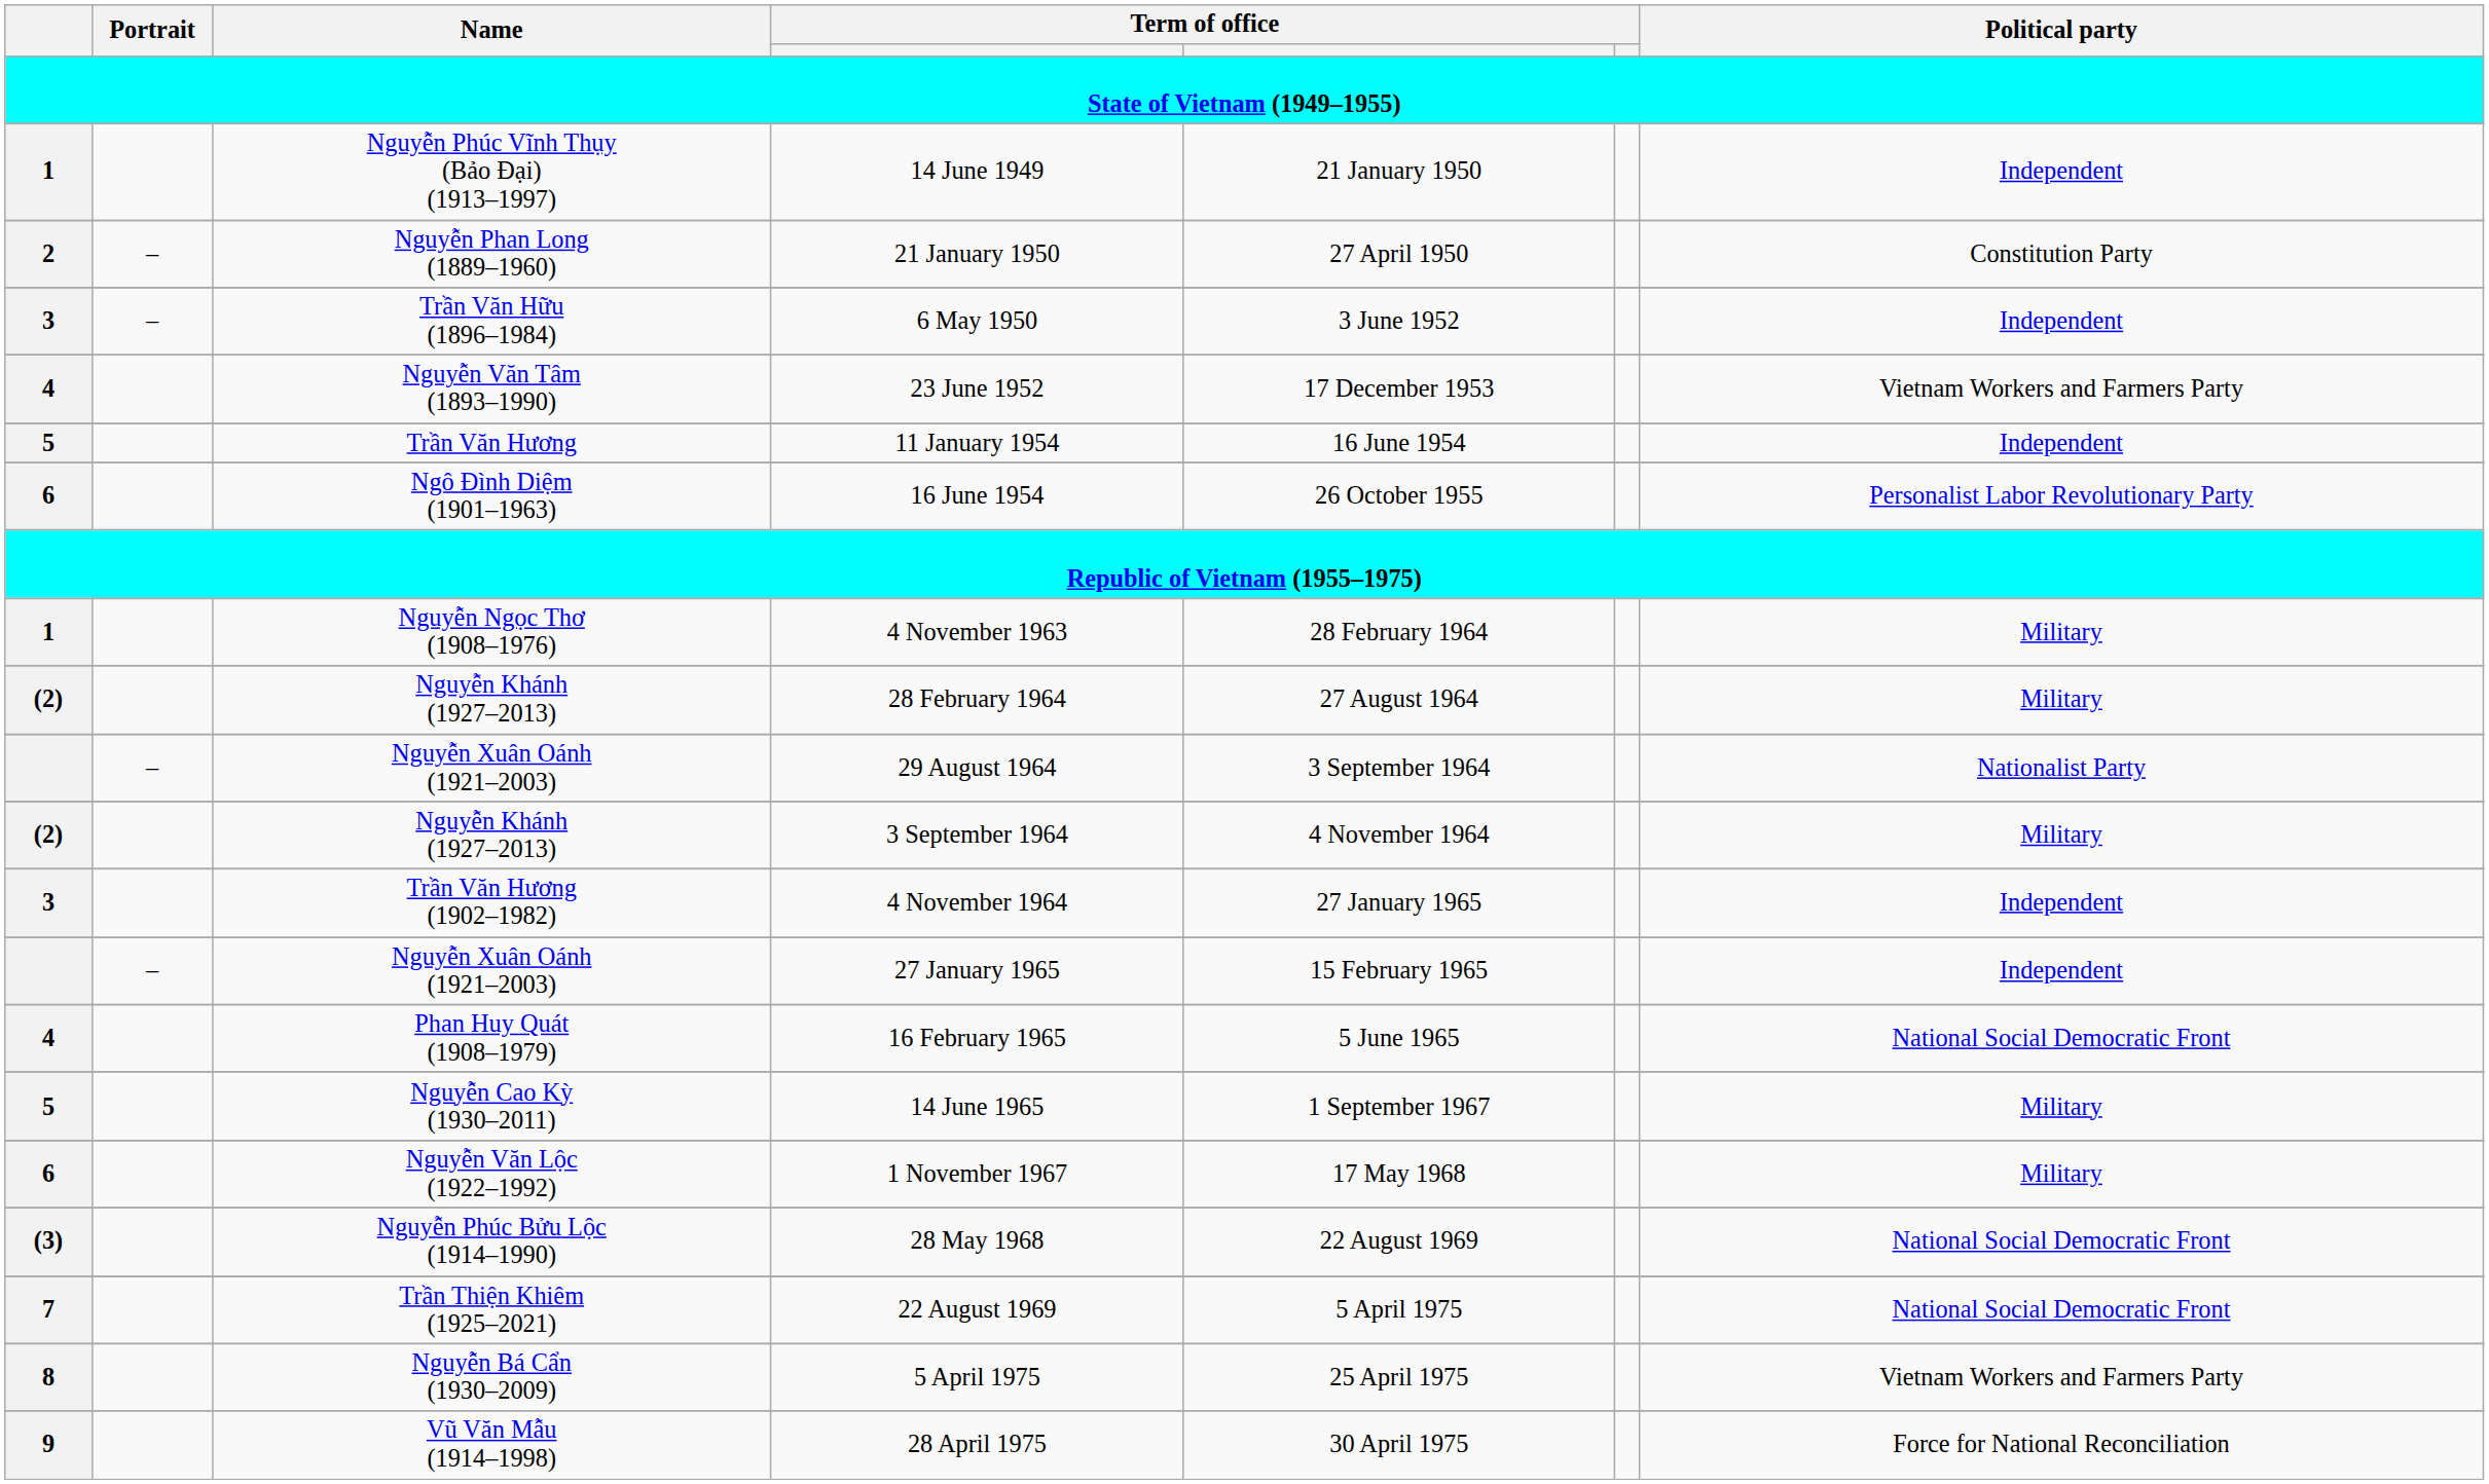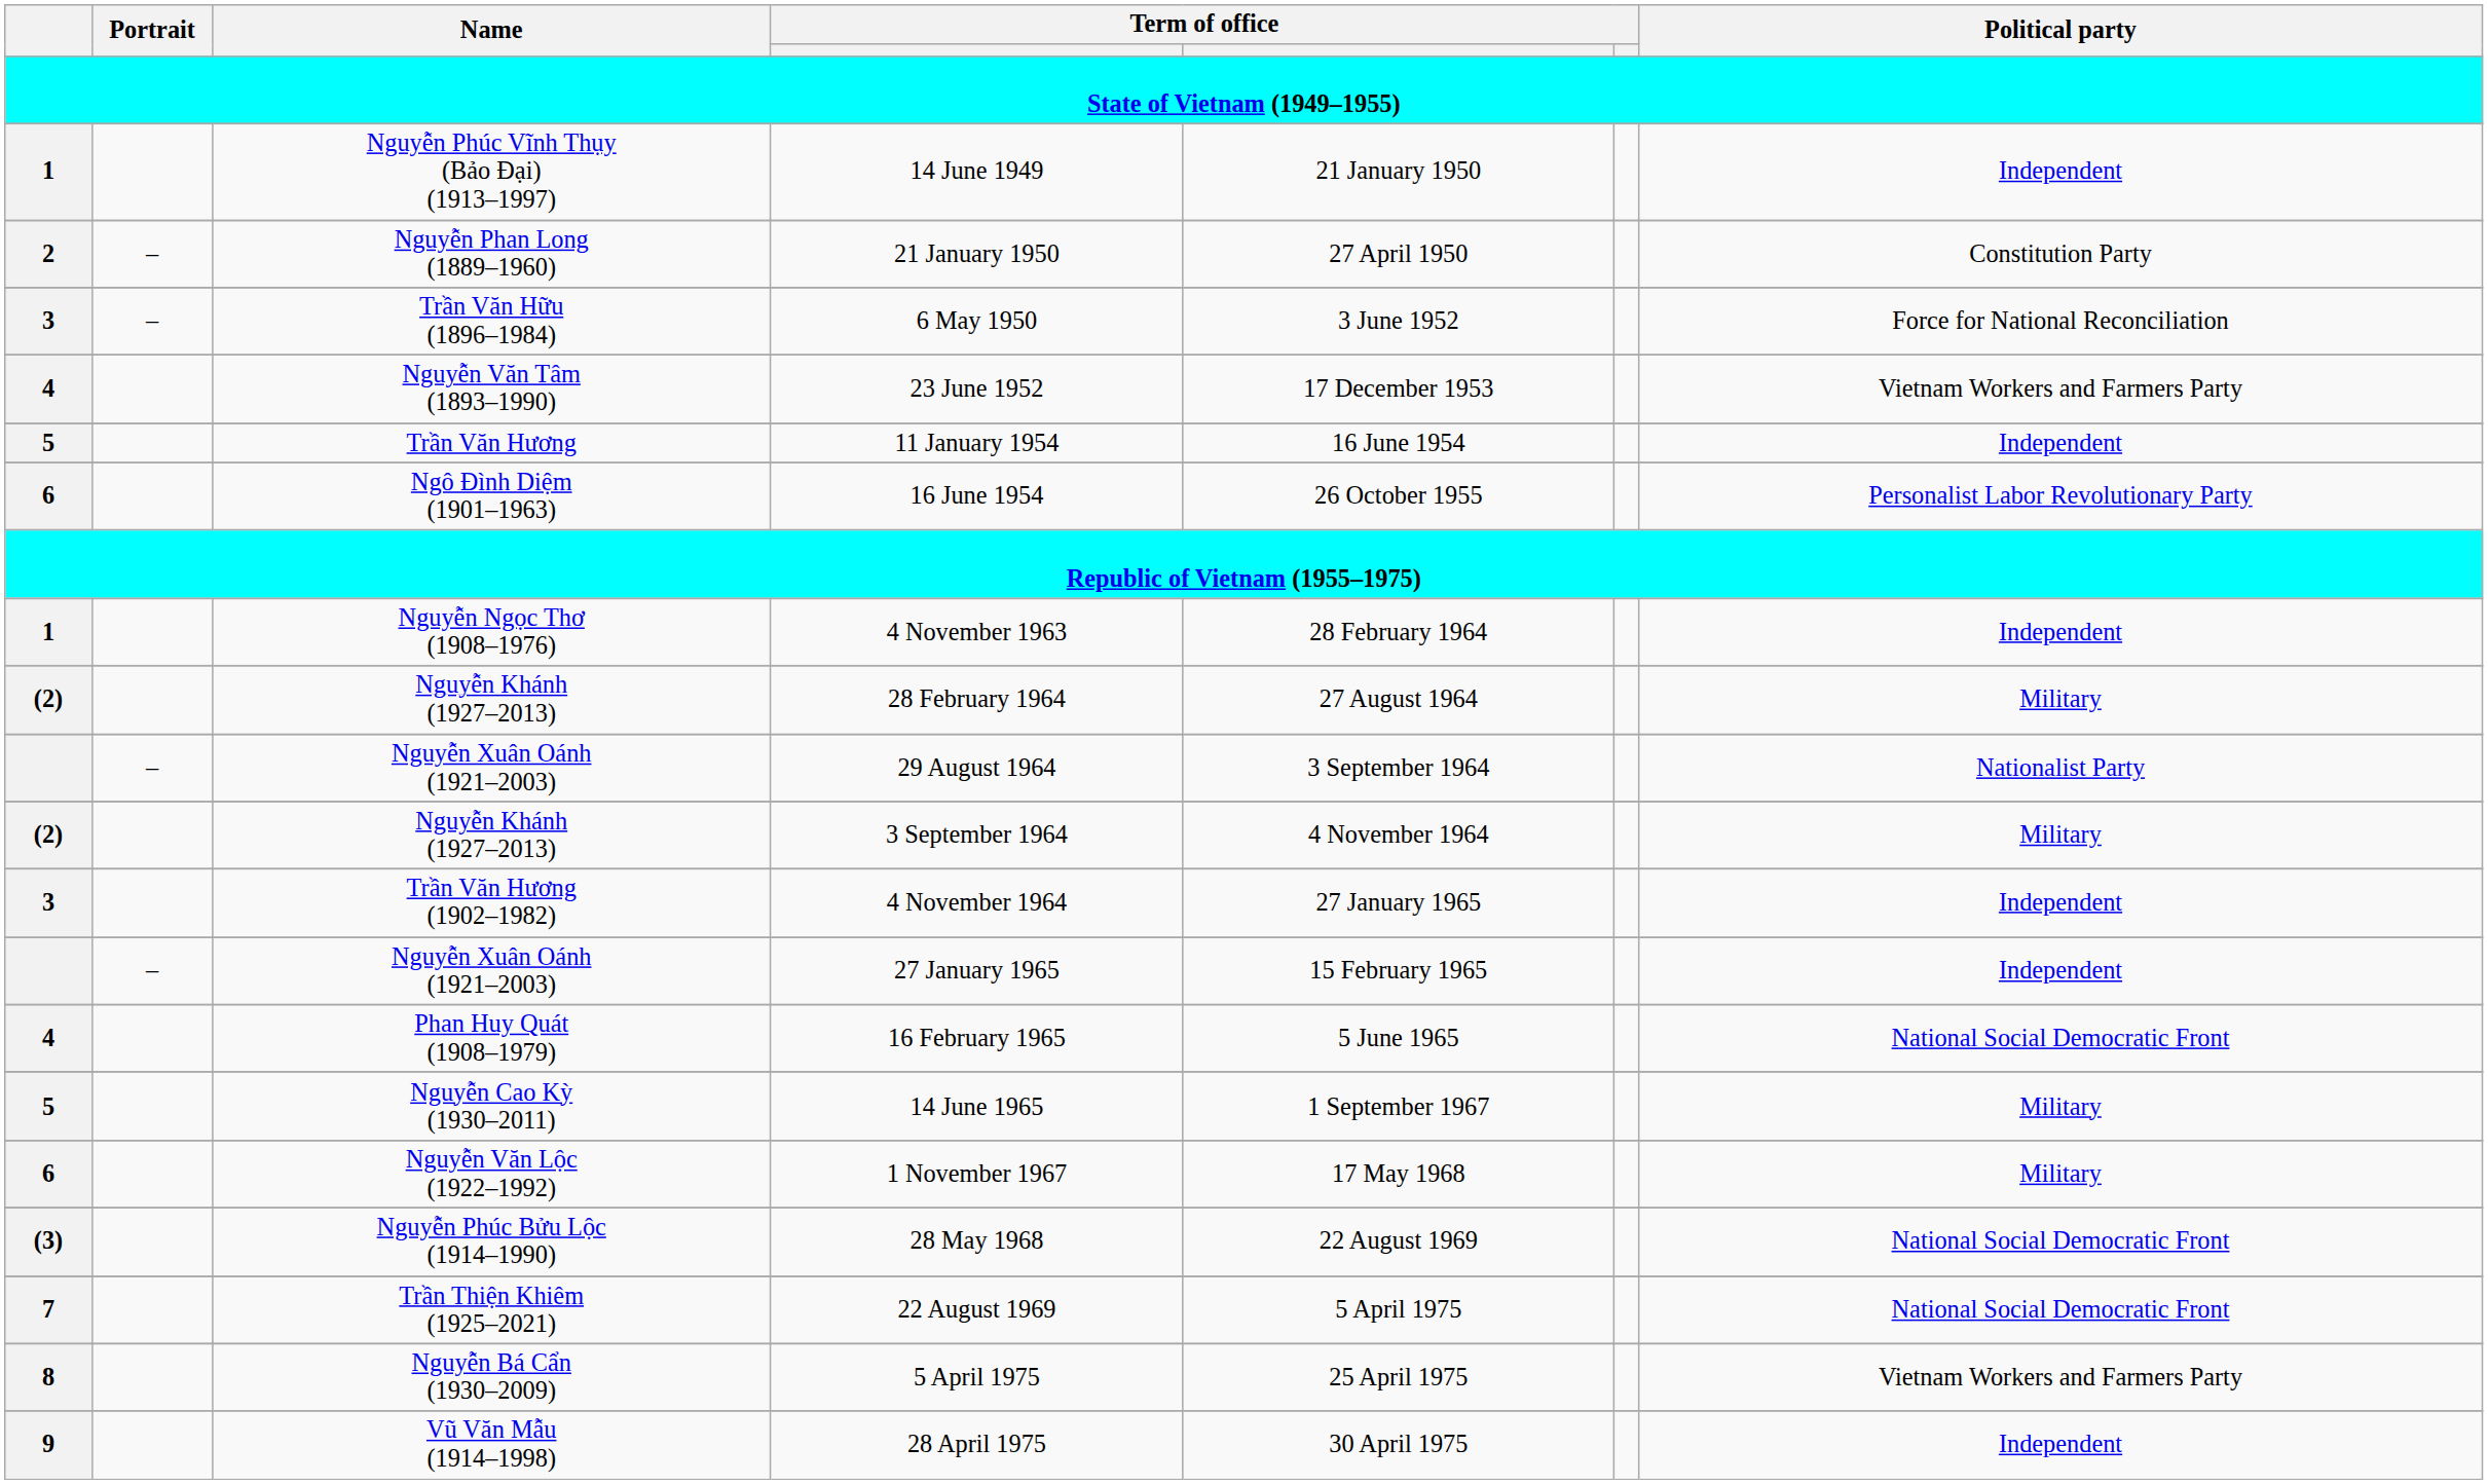 <table class="wikitable" style="text-align:center; border:1px #aaf solid; width:80%;">
 <tr>
 <th rowspan="2"></th>
 <th rowspan="2" style="width:70px;">Portrait</th>
 <th rowspan="2">Name<br></th>
 <th colspan="3">Term of office</th>
 <th rowspan="2">Political party</th>
 </tr>
 <tr>
 <th></th>
 <th></th>
 <th></th>
 </tr>
 <tr style="background:cyan;">
 <td colspan="7" style="text-align: center;"><strong> <br><a href='#'>State of Vietnam</a> (1949–1955)</strong></td>
 </tr>
 <tr>
 </tr>
 <tr style="text-align:center;">
 <th style="background: ">1</th>
 <td></td>
 <td><a href='#'>Nguyễn Phúc Vĩnh Thụy</a><br>(Bảo Đại)<br>(1913–1997)</td>
 <td>14 June 1949</td>
 <td>21 January 1950</td>
 <td></td>
 <td><a href='#'>Independent</a></td>
 </tr>
 <tr>
 </tr>
 <tr style="text-align:center;">
 <th style="background: ">2</th>
 <td>–</td>
 <td><a href='#'>Nguyễn Phan Long</a><br>(1889–1960)</td>
 <td>21 January 1950</td>
 <td>27 April 1950</td>
 <td></td>
 <td>Constitution Party</td>
 </tr>
 <tr>
 </tr>
 <tr style="text-align:center;">
 <th style="background: ">3</th>
 <td>–</td>
 <td><a href='#'>Trần Văn Hữu</a><br>(1896–1984)</td>
 <td>6 May 1950</td>
 <td>3 June 1952</td>
 <td></td>
-<td><a href='#'>Independent</a></td>
+<td>Force for National Reconciliation</td>
 </tr>
 <tr>
 </tr>
 <tr style="text-align:center;">
 <th style="background: ">4</th>
 <td></td>
 <td><a href='#'>Nguyễn Văn Tâm</a><br>(1893–1990)</td>
 <td>23 June 1952</td>
 <td>17 December 1953</td>
 <td></td>
 <td>Vietnam Workers and Farmers Party</td>
 </tr>
 <tr>
 </tr>
 <tr style="text-align:center;">
 <th style="background: ">5</th>
 <td></td>
 <td><a href='#'>Trần Văn Hương</a></td>
 <td>11 January 1954</td>
 <td>16 June 1954</td>
 <td></td>
 <td><a href='#'>Independent</a></td>
 </tr>
 <tr>
 </tr>
 <tr style="text-align:center;">
 <th style="background: ">6</th>
 <td></td>
 <td><a href='#'>Ngô Đình Diệm</a><br>(1901–1963)</td>
 <td>16 June 1954</td>
 <td>26 October 1955</td>
 <td></td>
 <td><a href='#'>Personalist Labor Revolutionary Party</a></td>
 </tr>
 <tr style="background:cyan;">
 <td colspan="7" style="text-align: center;"> <br><strong><a href='#'>Republic of Vietnam</a> (1955–1975)</strong></td>
 </tr>
 <tr>
 </tr>
 <tr style="text-align:center;">
 <th style="background: ">1</th>
 <td></td>
 <td><a href='#'>Nguyễn Ngọc Thơ</a><br>(1908–1976)</td>
 <td>4 November 1963</td>
 <td>28 February 1964</td>
 <td></td>
-<td><a href='#'>Military</a></td>
+<td><a href='#'>Independent</a></td>
 </tr>
 <tr>
 </tr>
 <tr style="text-align:center;">
 <th style="background: ">(2)</th>
 <td></td>
 <td><a href='#'>Nguyễn Khánh</a><br>(1927–2013)</td>
 <td>28 February 1964</td>
 <td>27 August 1964</td>
 <td></td>
 <td><a href='#'>Military</a></td>
 </tr>
 <tr>
 </tr>
 <tr style="text-align:center;">
 <th style="background: "></th>
 <td>–</td>
 <td><a href='#'>Nguyễn Xuân Oánh</a><br>(1921–2003)</td>
 <td>29 August 1964</td>
 <td>3 September 1964</td>
 <td></td>
 <td><a href='#'>Nationalist Party</a></td>
 </tr>
 <tr>
 </tr>
 <tr style="text-align:center;">
 <th style="background: ">(2)</th>
 <td></td>
 <td><a href='#'>Nguyễn Khánh</a><br>(1927–2013)<br></td>
 <td>3 September 1964</td>
 <td>4 November 1964</td>
 <td></td>
 <td><a href='#'>Military</a></td>
 </tr>
 <tr>
 </tr>
 <tr style="text-align:center;">
 <th style="background: ">3</th>
 <td></td>
 <td><a href='#'>Trần Văn Hương</a><br>(1902–1982)</td>
 <td>4 November 1964</td>
 <td>27 January 1965</td>
 <td></td>
 <td><a href='#'>Independent</a></td>
 </tr>
 <tr>
 </tr>
 <tr style="text-align:center;">
 <th style="background: "></th>
 <td>–</td>
 <td><a href='#'>Nguyễn Xuân Oánh</a><br>(1921–2003)<br></td>
 <td>27 January 1965</td>
 <td>15 February 1965</td>
 <td></td>
 <td><a href='#'>Independent</a></td>
 </tr>
 <tr>
 </tr>
 <tr style="text-align:center;">
 <th style="background: ">4</th>
 <td></td>
 <td><a href='#'>Phan Huy Quát</a><br>(1908–1979)</td>
 <td>16 February 1965</td>
 <td>5 June 1965</td>
 <td></td>
 <td><a href='#'>National Social Democratic Front</a></td>
 </tr>
 <tr>
 </tr>
 <tr style="text-align:center;">
 <th style="background: ">5</th>
 <td></td>
 <td><a href='#'>Nguyễn Cao Kỳ</a><br>(1930–2011)</td>
 <td>14 June 1965</td>
 <td>1 September 1967</td>
 <td></td>
 <td><a href='#'>Military</a></td>
 </tr>
 <tr>
 </tr>
 <tr style="text-align:center;">
 <th style="background: ">6</th>
 <td></td>
 <td><a href='#'>Nguyễn Văn Lộc</a><br>(1922–1992)</td>
 <td>1 November 1967</td>
 <td>17 May 1968</td>
 <td></td>
 <td><a href='#'>Military</a></td>
 </tr>
 <tr>
 </tr>
 <tr style="text-align:center;">
 <th style="background: ">(3)</th>
 <td></td>
 <td><a href='#'>Nguyễn Phúc Bửu Lộc</a><br>(1914–1990)</td>
 <td>28 May 1968</td>
 <td>22 August 1969</td>
 <td></td>
 <td><a href='#'>National Social Democratic Front</a></td>
 </tr>
 <tr>
 </tr>
 <tr style="text-align:center;">
 <th style="background: ">7</th>
 <td></td>
 <td><a href='#'>Trần Thiện Khiêm</a><br>(1925–2021)</td>
 <td>22 August 1969</td>
 <td>5 April 1975</td>
 <td></td>
 <td><a href='#'>National Social Democratic Front</a></td>
 </tr>
 <tr>
 </tr>
 <tr style="text-align:center;">
 <th style="background: ">8</th>
 <td></td>
 <td><a href='#'>Nguyễn Bá Cẩn</a><br>(1930–2009)</td>
 <td>5 April 1975</td>
 <td>25 April 1975</td>
 <td></td>
 <td>Vietnam Workers and Farmers Party</td>
 </tr>
 <tr>
 </tr>
 <tr style="text-align:center;">
 <th style="background: ">9</th>
 <td></td>
 <td><a href='#'>Vũ Văn Mẫu</a><br>(1914–1998)</td>
 <td>28 April 1975</td>
 <td>30 April 1975</td>
 <td></td>
-<td>Force for National Reconciliation</td>
+<td><a href='#'>Independent</a></td>
 </tr>
 </table>
